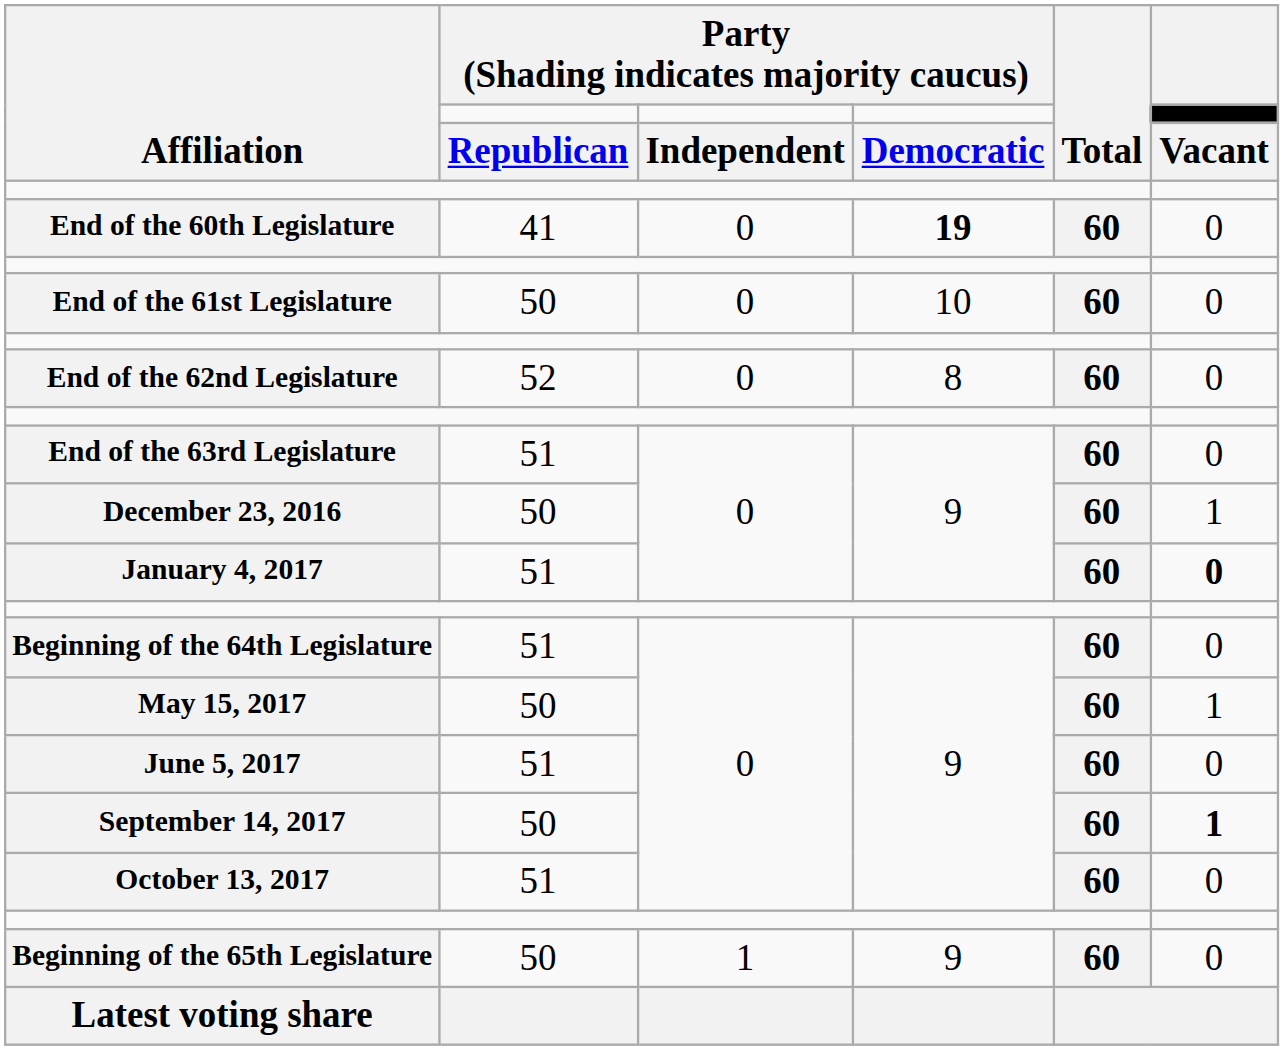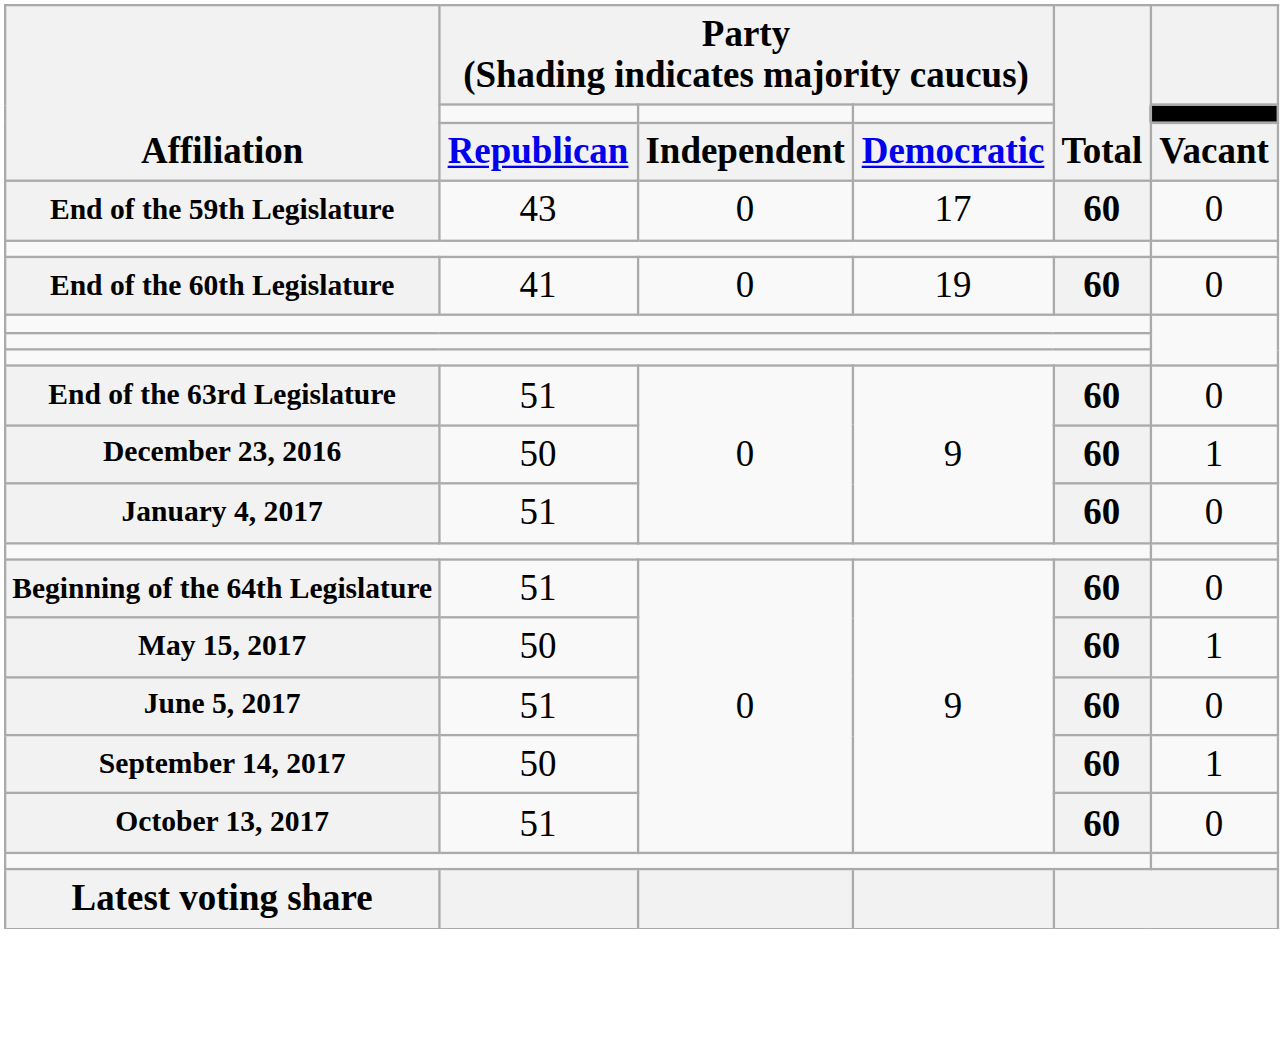 <table class=wikitable style="text-align:center">
 <tr style="vertical-align:bottom;">
 <th rowspan=3>Affiliation</th>
 <th colspan=3>Party <div>(Shading indicates majority caucus)</div></th>
 <th rowspan=3>Total</th>
 <th></th>
 </tr>
 <tr -style="height:5px">
 <td style="background-color:"></td>
 <td style="background-color:"></td>
 <td style="background-color:"></td>
 <td style="background-color:black"></td>
 </tr>
 <tr>
 <th><a href='#'>Republican</a></th>
 <th>Independent</th>
 <th><a href='#'>Democratic</a></th>
 <th>Vacant</th>
 </tr>
 <tr>
-<td colspan=5></td>
-</tr>
-<tr>
-<th nowrap style="font-size:80%">End of the 60th Legislature</th>
-<td>41</td>
+<th nowrap style="font-size:80%">End of the 59th Legislature</th>
+<td>43</td>
 <td>0</td>
-<td><strong>19</strong></td>
+<td>17</td>
 <th>60</th>
 <td>0</td>
 </tr>
 <tr>
 <td colspan=5></td>
 </tr>
 <tr>
-<th nowrap style="font-size:80%">End of the 61st Legislature</th>
-<td>50</td>
+<th nowrap style="font-size:80%">End of the 60th Legislature</th>
+<td>41</td>
 <td>0</td>
-<td>10</td>
+<td>19</td>
 <th>60</th>
 <td>0</td>
 </tr>
 <tr>
 <td colspan=5></td>
 </tr>
 <tr>
-<th nowrap style="font-size:80%">End of the 62nd Legislature</th>
-<td>52</td>
-<td>0</td>
-<td>8</td>
-<th>60</th>
-<td>0</td>
+<td colspan=5></td>
 </tr>
 <tr>
 <td colspan=5></td>
 </tr>
 <tr>
 <th nowrap style="font-size:80%">End of the 63rd Legislature</th>
 <td>51</td>
 <td rowspan=3>0</td>
 <td rowspan=3>9</td>
 <th>60</th>
 <td>0</td>
 </tr>
 <tr>
 <th nowrap style="font-size:80%">December 23, 2016</th>
 <td>50</td>
 <th>60</th>
 <td>1</td>
 </tr>
 <tr>
 <th nowrap style="font-size:80%">January 4, 2017</th>
 <td>51</td>
 <th>60</th>
-<td><strong>0</strong></td>
+<td>0</td>
 </tr>
 <tr>
 <td colspan=5></td>
 </tr>
 <tr>
 <th nowrap style="font-size:80%">Beginning of the 64th Legislature</th>
 <td>51</td>
 <td rowspan=5>0</td>
 <td rowspan=5>9</td>
 <th>60</th>
 <td>0</td>
 </tr>
 <tr>
 <th nowrap style="font-size:80%">May 15, 2017</th>
 <td>50</td>
 <th>60</th>
 <td>1</td>
 </tr>
 <tr>
 <th nowrap style="font-size:80%">June 5, 2017</th>
 <td>51</td>
 <th>60</th>
 <td>0</td>
 </tr>
 <tr>
 <th nowrap style="font-size:80%">September 14, 2017</th>
 <td>50</td>
 <th>60</th>
-<td><strong>1</strong></td>
+<td>1</td>
 </tr>
 <tr>
 <th nowrap style="font-size:80%">October 13, 2017</th>
 <td>51</td>
 <th>60</th>
 <td>0</td>
 </tr>
 <tr>
 <td colspan=5></td>
 </tr>
 <tr>
-<th nowrap style="font-size:80%">Beginning of the 65th Legislature</th>
-<td>50</td>
-<td>1</td>
-<td>9</td>
-<th>60</th>
-<td>0</td>
-</tr>
-<tr>
 <th>Latest voting share</th>
 <th></th>
 <th></th>
 <th></th>
 <th colspan=2></th>
 </tr>
 </table>
